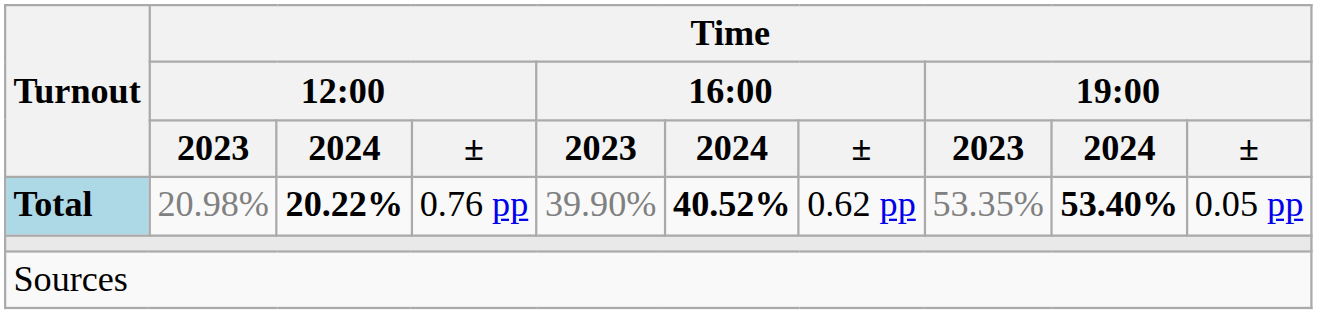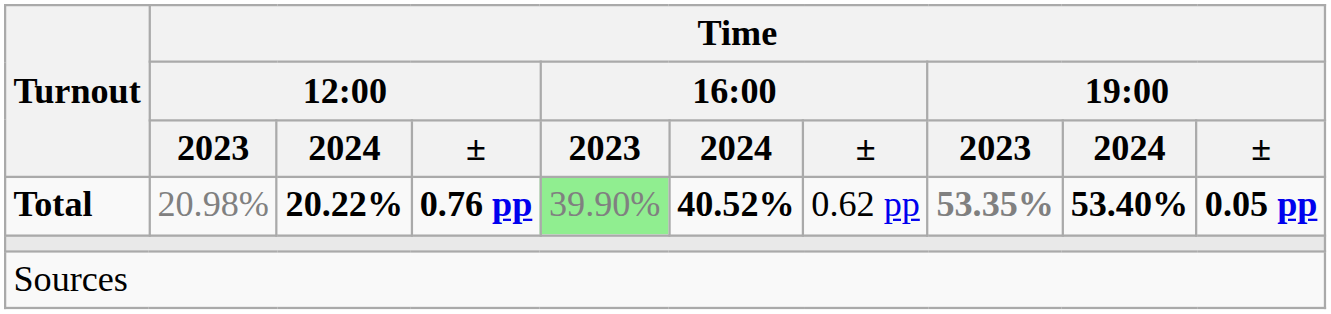 <table class="wikitable sortable" style="text-align:right;">
 <tr>
 <th rowspan="3">Turnout</th>
 <th colspan="9">Time</th>
 </tr>
 <tr>
 <th colspan="3">12:00</th>
 <th colspan="3">16:00</th>
 <th colspan="3">19:00</th>
 </tr>
 <tr>
 <th>2023</th>
 <th>2024</th>
 <th>±</th>
 <th>2023</th>
 <th>2024</th>
 <th>±</th>
 <th>2023</th>
 <th>2024</th>
 <th>±</th>
 </tr>
 <tr>
-<td align="left" style="background: lightblue;"><strong>Total</strong></td>
+<td align="left"><strong>Total</strong></td>
 <td style="color:gray;">20.98%</td>
 <td><strong>20.22%</strong></td>
-<td> 0.76 <a href='#'>pp</a></td>
-<td style="color:gray;">39.90%</td>
+<td><strong> 0.76 <a href='#'>pp</a></strong></td>
+<td style="background: lightgreen; color:gray;">39.90%</td>
 <td><strong>40.52%</strong></td>
 <td> 0.62 <a href='#'>pp</a></td>
-<td style="color:gray;">53.35%</td>
+<td style="color:gray;"><strong>53.35%</strong></td>
 <td><strong>53.40%</strong></td>
-<td> 0.05 <a href='#'>pp</a></td>
+<td><strong> 0.05 <a href='#'>pp</a></strong></td>
 </tr>
 <tr>
 <td colspan="10" bgcolor="#E9E9E9"></td>
 </tr>
 <tr>
 <td align="left" colspan="10">Sources</td>
 </tr>
 </table>
